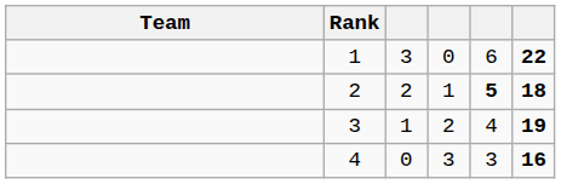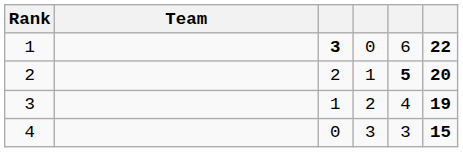 <table class="wikitable" style="text-align:center">
 <tr>
+<th>Rank</th>
 <th style="width:190px;">Team</th>
-<th>Rank</th>
 <th width=20px></th>
 <th width=20px></th>
 <th width=20px></th>
 <th width=20px></th>
 </tr>
 <tr bgcolor=>
+<td>1</td>
 <td align="left"></td>
-<td>1</td>
-<td>3</td>
+<td><strong>3</strong></td>
 <td>0</td>
 <td>6</td>
 <td><strong>22</strong></td>
 </tr>
 <tr bgcolor=>
+<td>2</td>
 <td align="left"></td>
-<td>2</td>
 <td>2</td>
 <td>1</td>
 <td><strong>5</strong></td>
-<td><strong>18</strong></td>
+<td><strong>20</strong></td>
 </tr>
 <tr bgcolor=>
+<td>3</td>
 <td align="left"></td>
-<td>3</td>
 <td>1</td>
 <td>2</td>
 <td>4</td>
 <td><strong>19</strong></td>
 </tr>
 <tr bgcolor=>
+<td>4</td>
 <td align="left"></td>
-<td>4</td>
 <td>0</td>
 <td>3</td>
 <td>3</td>
-<td><strong>16</strong></td>
+<td><strong>15</strong></td>
 </tr>
 </table>
